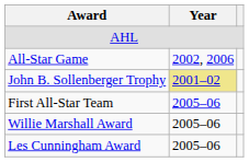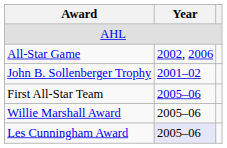 <table class="wikitable">
 <tr>
 <th>Award</th>
 <th>Year</th>
 <th></th>
 </tr>
 <tr ALIGN="center" bgcolor="#e0e0e0">
 <td colspan="3"><a href='#'>AHL</a></td>
 </tr>
 <tr>
 <td><a href='#'>All-Star Game</a></td>
 <td><a href='#'>2002</a>, <a href='#'>2006</a></td>
 <td></td>
 </tr>
 <tr>
 <td><a href='#'>John B. Sollenberger Trophy</a></td>
-<td style="background: khaki;"><a href='#'>2001–02</a></td>
+<td><a href='#'>2001–02</a></td>
 <td></td>
 </tr>
 <tr>
 <td>First All-Star Team</td>
 <td><a href='#'>2005–06</a></td>
 <td></td>
 </tr>
 <tr>
 <td><a href='#'>Willie Marshall Award</a></td>
 <td>2005–06</td>
 <td></td>
 </tr>
 <tr>
 <td><a href='#'>Les Cunningham Award</a></td>
-<td>2005–06</td>
+<td style="background: lavender;">2005–06</td>
 <td></td>
 </tr>
 </table>
